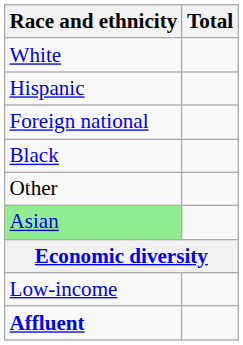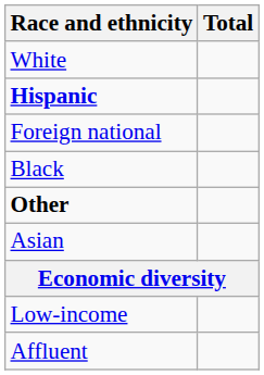 <table class="wikitable floatright sortable collapsible"; text-align:right; font-size:80%;">
 <tr>
 <th>Race and ethnicity</th>
 <th colspan="2" data-sort-type=number>Total</th>
 </tr>
 <tr>
 <td><a href='#'>White</a></td>
 <td align=right></td>
 </tr>
 <tr>
-<td><a href='#'>Hispanic</a></td>
+<td><strong><a href='#'>Hispanic</a></strong></td>
 <td align=right></td>
 </tr>
 <tr>
 <td><a href='#'>Foreign national</a></td>
 <td align=right></td>
 </tr>
 <tr>
 <td><a href='#'>Black</a></td>
 <td align=right></td>
 </tr>
 <tr>
-<td>Other</td>
+<td><strong>Other</strong></td>
 <td align=right></td>
 </tr>
 <tr>
-<td style="background: lightgreen;"><a href='#'>Asian</a></td>
+<td><a href='#'>Asian</a></td>
 <td align=right></td>
 </tr>
 <tr>
 <th colspan="4" data-sort-type=number><a href='#'>Economic diversity</a></th>
 </tr>
 <tr>
 <td><a href='#'>Low-income</a></td>
 <td align=right></td>
 </tr>
 <tr>
-<td><strong><a href='#'>Affluent</a></strong></td>
+<td><a href='#'>Affluent</a></td>
 <td align=right></td>
 </tr>
 </table>
